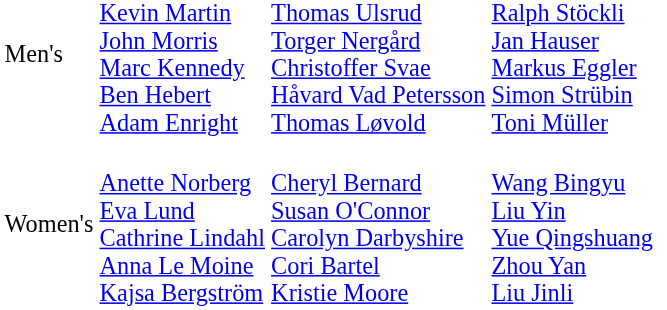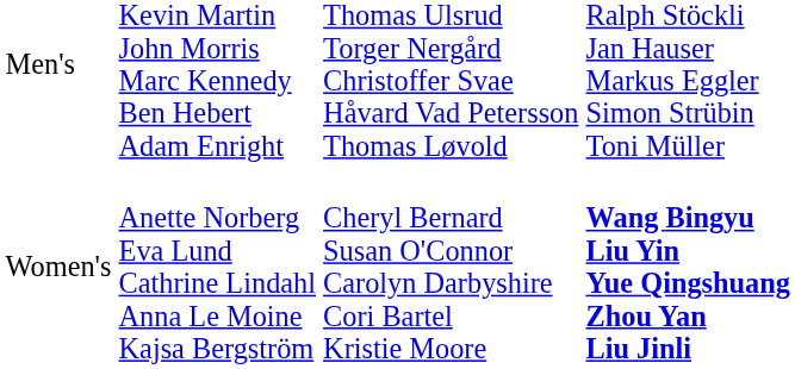 <table>
 <tr>
 <td>Men's<br></td>
 <td><br><a href='#'>Kevin Martin</a><br><a href='#'>John Morris</a><br><a href='#'>Marc Kennedy</a><br><a href='#'>Ben Hebert</a><br><a href='#'>Adam Enright</a></td>
 <td><br><a href='#'>Thomas Ulsrud</a><br><a href='#'>Torger Nergård</a><br><a href='#'>Christoffer Svae</a><br><a href='#'>Håvard Vad Petersson</a><br><a href='#'>Thomas Løvold</a></td>
 <td><br><a href='#'>Ralph Stöckli</a><br><a href='#'>Jan Hauser</a><br><a href='#'>Markus Eggler</a><br><a href='#'>Simon Strübin</a><br><a href='#'>Toni Müller</a></td>
 </tr>
 <tr>
 <td>Women's<br></td>
 <td><br><a href='#'>Anette Norberg</a><br><a href='#'>Eva Lund</a><br><a href='#'>Cathrine Lindahl</a><br><a href='#'>Anna Le Moine</a><br><a href='#'>Kajsa Bergström</a></td>
 <td><br><a href='#'>Cheryl Bernard</a><br><a href='#'>Susan O'Connor</a><br><a href='#'>Carolyn Darbyshire</a><br><a href='#'>Cori Bartel</a><br><a href='#'>Kristie Moore</a></td>
-<td><br><a href='#'>Wang Bingyu</a><br><a href='#'>Liu Yin</a><br><a href='#'>Yue Qingshuang</a><br><a href='#'>Zhou Yan</a><br><a href='#'>Liu Jinli</a></td>
+<td><strong><br><a href='#'>Wang Bingyu</a><br><a href='#'>Liu Yin</a><br><a href='#'>Yue Qingshuang</a><br><a href='#'>Zhou Yan</a><br><a href='#'>Liu Jinli</a></strong></td>
 </tr>
 </table>
